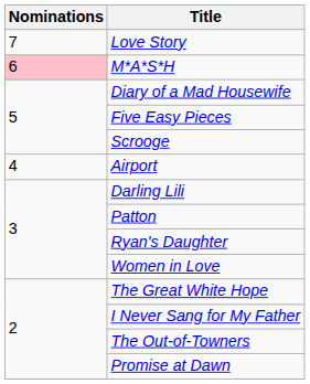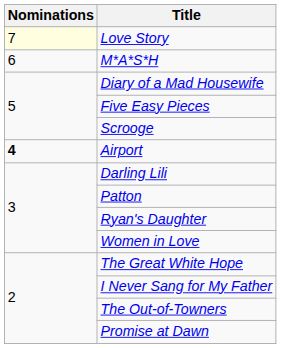 <table class="wikitable">
 <tr>
 <th>Nominations</th>
 <th>Title</th>
 </tr>
 <tr>
-<td>7</td>
+<td style="background: lightyellow;">7</td>
 <td><em><a href='#'>Love Story</a></em></td>
 </tr>
 <tr>
-<td style="background: pink;">6</td>
+<td>6</td>
 <td><em><a href='#'>M*A*S*H</a></em></td>
 </tr>
 <tr>
 <td rowspan="3">5</td>
 <td><em><a href='#'>Diary of a Mad Housewife</a></em></td>
 </tr>
 <tr>
 <td><em><a href='#'>Five Easy Pieces</a></em></td>
 </tr>
 <tr>
 <td><em><a href='#'>Scrooge</a></em></td>
 </tr>
 <tr>
-<td>4</td>
+<td><strong>4</strong></td>
 <td><em><a href='#'>Airport</a></em></td>
 </tr>
 <tr>
 <td rowspan="4">3</td>
 <td><em><a href='#'>Darling Lili</a></em></td>
 </tr>
 <tr>
 <td><em><a href='#'>Patton</a></em></td>
 </tr>
 <tr>
 <td><em><a href='#'>Ryan's Daughter</a></em></td>
 </tr>
 <tr>
 <td><em><a href='#'>Women in Love</a></em></td>
 </tr>
 <tr>
 <td rowspan="4">2</td>
 <td><em><a href='#'>The Great White Hope</a></em></td>
 </tr>
 <tr>
 <td><em><a href='#'>I Never Sang for My Father</a></em></td>
 </tr>
 <tr>
 <td><em><a href='#'>The Out-of-Towners</a></em></td>
 </tr>
 <tr>
 <td><em><a href='#'>Promise at Dawn</a></em></td>
 </tr>
 </table>
